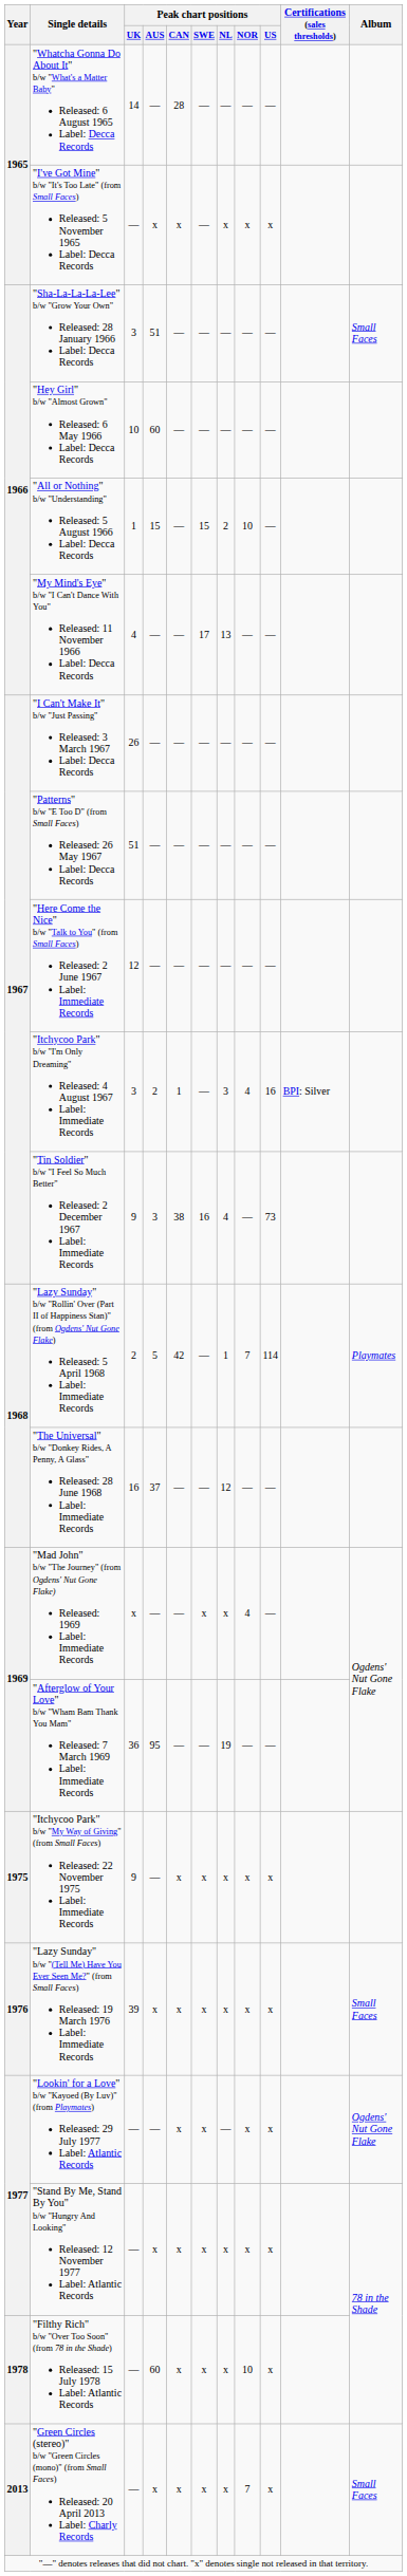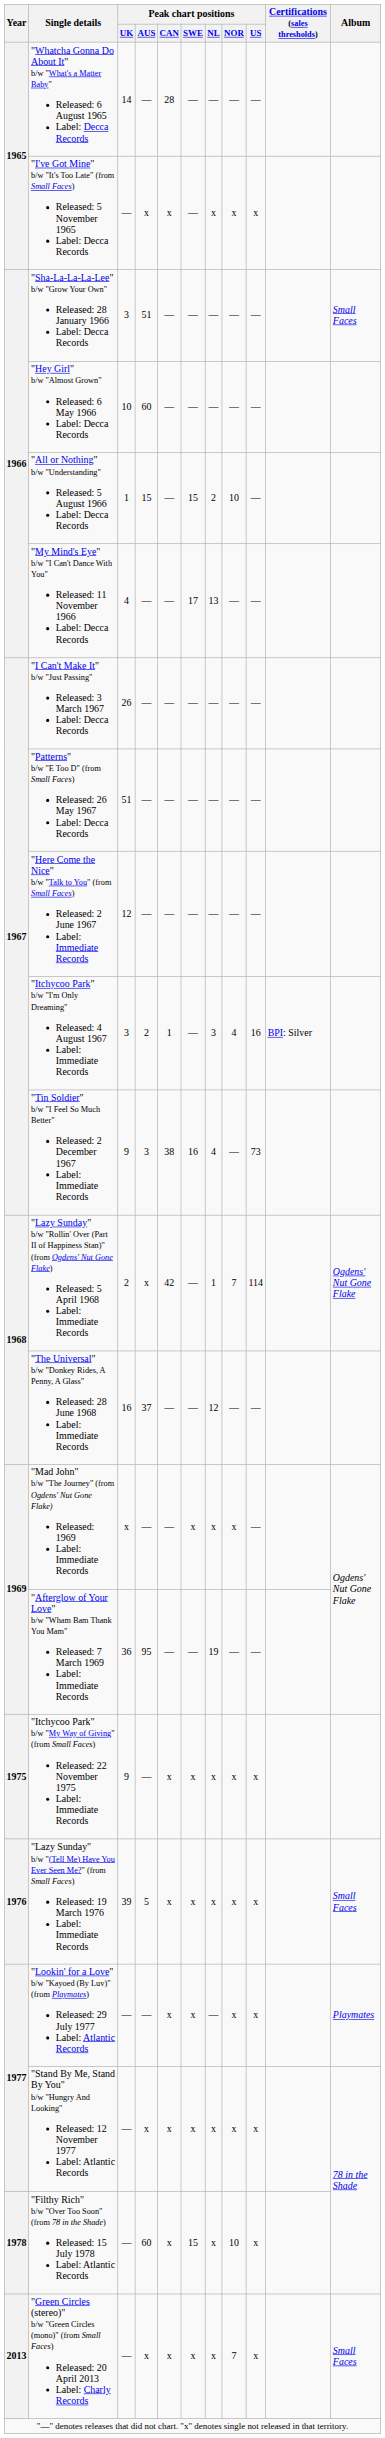 <table class="wikitable plainrowheaders">
 <tr>
 <th rowspan="2" width="30" scope="col">Year</th>
 <th rowspan="2" width="450" scope="col">Single details</th>
 <th colspan="7" width="200" scope="colgroup">Peak chart positions</th>
 <th rowspan="2" width="150" scope="col"><a href='#'>Certifications</a><br><small>(<a href='#'>sales thresholds</a>)</small></th>
 <th rowspan="2" width="150" scope="col">Album</th>
 </tr>
 <tr>
 <th scope="col" style="width:2em;font-size:90%;"><a href='#'>UK</a><br></th>
 <th scope="col" style="width:2em;font-size:90%;"><a href='#'>AUS</a><br></th>
 <th scope="col" style="width:2em;font-size:90%;"><a href='#'>CAN</a><br></th>
 <th scope="col" style="width:2em;font-size:90%;"><a href='#'>SWE</a><br></th>
 <th scope="col" style="width:2em;font-size:90%;"><a href='#'>NL</a><br></th>
 <th scope="col" style="width:2em;font-size:90%;"><a href='#'>NOR</a><br></th>
 <th scope="col" style="width:2em;font-size:90%;"><a href='#'>US</a><br></th>
 </tr>
 <tr>
 <th rowspan="2" scope="rowgroup">1965</th>
 <td>"<a href='#'>Whatcha Gonna Do About It</a>"<br><small>b/w "<a href='#'>What's a Matter Baby</a>"</small><ul><li>Released: 6 August 1965 </li><li>Label: <a href='#'>Decca Records</a> </li></ul></td>
 <td align="center">14</td>
 <td align="center">—</td>
 <td align="center">28</td>
 <td align="center">—</td>
 <td align="center">—</td>
 <td align="center">—</td>
 <td align="center">—</td>
 <td></td>
 <td></td>
 </tr>
 <tr>
 <td>"<a href='#'>I've Got Mine</a>"<br><small>b/w "It's Too Late" (from <a href='#'><em>Small Faces</em></a>)</small><ul><li>Released: 5 November 1965 </li><li>Label: Decca Records </li></ul></td>
 <td align="center">—</td>
 <td align="center">x</td>
 <td align="center">x</td>
 <td align="center">—</td>
 <td align="center">x</td>
 <td align="center">x</td>
 <td align="center">x</td>
 <td></td>
 <td></td>
 </tr>
 <tr>
 <th rowspan="4" scope="rowgroup">1966</th>
 <td>"<a href='#'>Sha-La-La-La-Lee</a>"<br><small>b/w "Grow Your Own"</small><ul><li>Released: 28 January 1966 </li><li>Label: Decca Records </li></ul></td>
 <td align="center">3</td>
 <td align="center">51</td>
 <td align="center">—</td>
 <td align="center">—</td>
 <td align="center">—</td>
 <td align="center">—</td>
 <td align="center">—</td>
 <td></td>
 <td><a href='#'><em>Small Faces</em></a></td>
 </tr>
 <tr>
 <td>"<a href='#'>Hey Girl</a>"<br><small>b/w "Almost Grown"</small><ul><li>Released: 6 May 1966 </li><li>Label: Decca Records </li></ul></td>
 <td align="center">10</td>
 <td align="center">60</td>
 <td align="center">—</td>
 <td align="center">—</td>
 <td align="center">—</td>
 <td align="center">—</td>
 <td align="center">—</td>
 <td></td>
 <td></td>
 </tr>
 <tr>
 <td>"<a href='#'>All or Nothing</a>"<br><small>b/w "Understanding"</small><ul><li>Released: 5 August 1966 </li><li>Label: Decca Records </li></ul></td>
 <td align="center">1</td>
 <td align="center">15</td>
 <td align="center">—</td>
 <td align="center">15</td>
 <td align="center">2</td>
 <td align="center">10</td>
 <td align="center">—</td>
 <td></td>
 <td></td>
 </tr>
 <tr>
 <td>"<a href='#'>My Mind's Eye</a>"<br><small>b/w "I Can't Dance With You"</small><ul><li>Released: 11 November 1966 </li><li>Label: Decca Records </li></ul></td>
 <td align="center">4</td>
 <td align="center">—</td>
 <td align="center">—</td>
 <td align="center">17</td>
 <td align="center">13</td>
 <td align="center">—</td>
 <td align="center">—</td>
 <td></td>
 <td></td>
 </tr>
 <tr>
 <th rowspan="5" scope="rowgroup">1967</th>
 <td>"<a href='#'>I Can't Make It</a>"<br><small>b/w "Just Passing"</small><ul><li>Released: 3 March 1967 </li><li>Label: Decca Records </li></ul></td>
 <td align="center">26</td>
 <td align="center">—</td>
 <td align="center">—</td>
 <td align="center">—</td>
 <td align="center">—</td>
 <td align="center">—</td>
 <td align="center">—</td>
 <td></td>
 <td></td>
 </tr>
 <tr>
 <td>"<a href='#'>Patterns</a>"<br><small>b/w "E Too D" (from <em>Small Faces</em>)</small><ul><li>Released: 26 May 1967 </li><li>Label: Decca Records </li></ul></td>
 <td align="center">51</td>
 <td align="center">—</td>
 <td align="center">—</td>
 <td align="center">—</td>
 <td align="center">—</td>
 <td align="center">—</td>
 <td align="center">—</td>
 <td></td>
 <td></td>
 </tr>
 <tr>
 <td>"<a href='#'>Here Come the Nice</a>"<br><small>b/w "<a href='#'>Talk to You</a>" (from <a href='#'><em>Small Faces</em></a>)</small><ul><li>Released: 2 June 1967 </li><li>Label: <a href='#'>Immediate Records</a> </li></ul></td>
 <td align="center">12</td>
 <td align="center">—</td>
 <td align="center">—</td>
 <td align="center">—</td>
 <td align="center">—</td>
 <td align="center">—</td>
 <td align="center">—</td>
 <td></td>
 <td></td>
 </tr>
 <tr>
 <td>"<a href='#'>Itchycoo Park</a>"<br><small>b/w "I'm Only Dreaming"</small><ul><li>Released: 4 August 1967 </li><li>Label: Immediate Records </li></ul></td>
 <td align="center">3</td>
 <td align="center">2</td>
 <td align="center">1</td>
 <td align="center">—</td>
 <td align="center">3</td>
 <td align="center">4</td>
 <td align="center">16</td>
 <td><a href='#'>BPI</a>: Silver</td>
 <td></td>
 </tr>
 <tr>
 <td>"<a href='#'>Tin Soldier</a>"<br><small>b/w "I Feel So Much Better"</small><ul><li>Released: 2 December 1967 </li><li>Label: Immediate Records </li></ul></td>
 <td align="center">9</td>
 <td align="center">3</td>
 <td align="center">38</td>
 <td align="center">16</td>
 <td align="center">4</td>
 <td align="center">—</td>
 <td align="center">73</td>
 <td></td>
 <td></td>
 </tr>
 <tr>
 <th rowspan="2" scope="rowgroup">1968</th>
 <td>"<a href='#'>Lazy Sunday</a>"<br><small>b/w "Rollin' Over (Part II of Happiness Stan)" (from <a href='#'><em>Ogdens' Nut Gone Flake</em></a>)</small><ul><li>Released: 5 April 1968 </li><li>Label: Immediate Records </li></ul></td>
 <td align="center">2</td>
-<td align="center">5</td>
+<td align="center">x</td>
 <td align="center">42</td>
 <td align="center">—</td>
 <td align="center">1</td>
 <td align="center">7</td>
 <td align="center">114</td>
 <td></td>
-<td><a href='#'><em>Playmates</em></a></td>
+<td><em><a href='#'>Ogdens' Nut Gone Flake</a></em></td>
 </tr>
 <tr>
 <td>"<a href='#'>The Universal</a>"<br><small>b/w "Donkey Rides, A Penny, A Glass"</small><ul><li>Released: 28 June 1968 </li><li>Label: Immediate Records </li></ul></td>
 <td align="center">16</td>
 <td align="center">37</td>
 <td align="center">—</td>
 <td align="center">—</td>
 <td align="center">12</td>
 <td align="center">—</td>
 <td align="center">—</td>
 <td></td>
 <td></td>
 </tr>
 <tr>
 <th rowspan="2" scope="rowgroup">1969</th>
 <td>"Mad John"<br><small>b/w "The Journey" (from <em>Ogdens' Nut Gone Flake)</em></small><ul><li>Released: 1969 </li><li>Label: Immediate Records </li></ul></td>
 <td align="center">x</td>
 <td align="center">—</td>
 <td align="center">—</td>
 <td align="center">x</td>
 <td align="center">x</td>
-<td align="center">4</td>
+<td align="center">x</td>
 <td align="center">—</td>
 <td></td>
 <td rowspan="2"><em>Ogdens' Nut Gone Flake</em></td>
 </tr>
 <tr>
 <td>"<a href='#'>Afterglow of Your Love</a>"<br><small>b/w "Wham Bam Thank You Mam"</small><ul><li>Released: 7 March 1969 </li><li>Label: Immediate Records </li></ul></td>
 <td align="center">36</td>
 <td align="center">95</td>
 <td align="center">—</td>
 <td align="center">—</td>
 <td align="center">19</td>
 <td align="center">—</td>
 <td align="center">—</td>
 <td></td>
 </tr>
 <tr>
 <th scope="row">1975</th>
 <td>"Itchycoo Park"<br><small>b/w "<a href='#'>My Way of Giving</a>" (from <em>Small Faces</em>)</small><ul><li>Released: 22 November 1975 </li><li>Label: Immediate Records </li></ul></td>
 <td align="center">9</td>
 <td align="center">—</td>
 <td align="center">x</td>
 <td align="center">x</td>
 <td align="center">x</td>
 <td align="center">x</td>
 <td align="center">x</td>
 <td></td>
 <td></td>
 </tr>
 <tr>
 <th scope="row">1976</th>
 <td>"Lazy Sunday"<br><small>b/w "<a href='#'>(Tell Me) Have You Ever Seen Me?</a>" (from <em>Small Faces</em>)</small><ul><li>Released: 19 March 1976 </li><li>Label: Immediate Records </li></ul></td>
 <td align="center">39</td>
-<td align="center">x</td>
+<td align="center">5</td>
 <td align="center">x</td>
 <td align="center">x</td>
 <td align="center">x</td>
 <td align="center">x</td>
 <td align="center">x</td>
 <td></td>
 <td><a href='#'><em>Small Faces</em></a></td>
 </tr>
 <tr>
 <th rowspan="2" scope="rowgroup">1977</th>
 <td>"<a href='#'>Lookin' for a Love</a>"<br><small>b/w "Kayoed (By Luv)" (from <a href='#'><em>Playmates</em></a>)</small><ul><li>Released: 29 July 1977 </li><li>Label: <a href='#'>Atlantic Records</a> </li></ul></td>
 <td align="center">—</td>
 <td align="center">—</td>
 <td align="center">x</td>
 <td align="center">x</td>
 <td align="center">—</td>
 <td align="center">x</td>
 <td align="center">x</td>
 <td></td>
-<td><em><a href='#'>Ogdens' Nut Gone Flake</a></em></td>
+<td><a href='#'><em>Playmates</em></a></td>
 </tr>
 <tr>
 <td>"Stand By Me, Stand By You"<br><small>b/w "Hungry And Looking"</small><ul><li>Released: 12 November 1977 </li><li>Label: Atlantic Records </li></ul></td>
 <td align="center">—</td>
 <td align="center">x</td>
 <td align="center">x</td>
 <td align="center">x</td>
 <td align="center">x</td>
 <td align="center">x</td>
 <td align="center">x</td>
 <td></td>
 <td rowspan="2"><em><a href='#'>78 in the Shade</a></em></td>
 </tr>
 <tr>
 <th scope="row">1978</th>
 <td>"Filthy Rich"<br><small>b/w "Over Too Soon" (from <em>78 in the Shade</em>)</small><ul><li>Released: 15 July 1978 </li><li>Label: Atlantic Records </li></ul></td>
 <td align="center">—</td>
 <td align="center">60</td>
 <td align="center">x</td>
-<td align="center">x</td>
+<td align="center">15</td>
 <td align="center">x</td>
 <td align="center">10</td>
 <td align="center">x</td>
 <td></td>
 </tr>
 <tr>
 <th scope="row">2013</th>
 <td>"<a href='#'>Green Circles</a> (stereo)"<br><small>b/w "Green Circles (mono)" (from <em>Small Faces</em>)</small><ul><li>Released: 20 April 2013 </li><li>Label: <a href='#'>Charly Records</a> </li></ul></td>
 <td align="center">—</td>
 <td align="center">x</td>
 <td align="center">x</td>
 <td align="center">x</td>
 <td align="center">x</td>
 <td align="center">7</td>
 <td align="center">x</td>
 <td></td>
 <td><em><a href='#'>Small Faces</a></em></td>
 </tr>
 <tr>
 <td colspan="12" style="font-size:90%" align="center">"—" denotes releases that did not chart. "x" denotes single not released in that territory.</td>
 </tr>
 </table>
